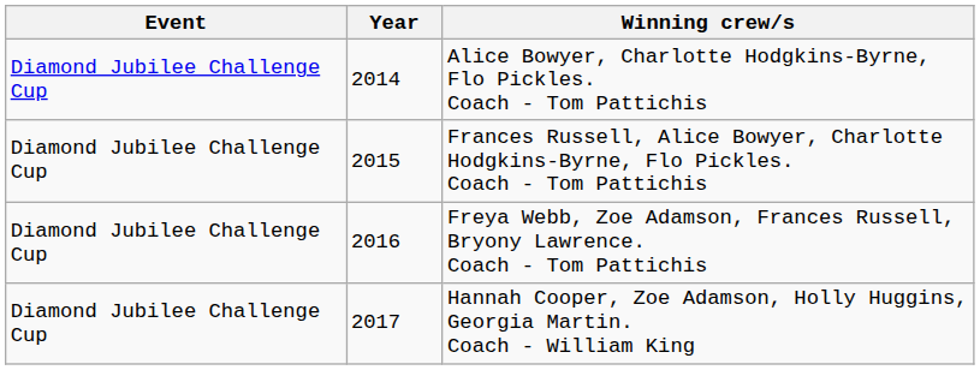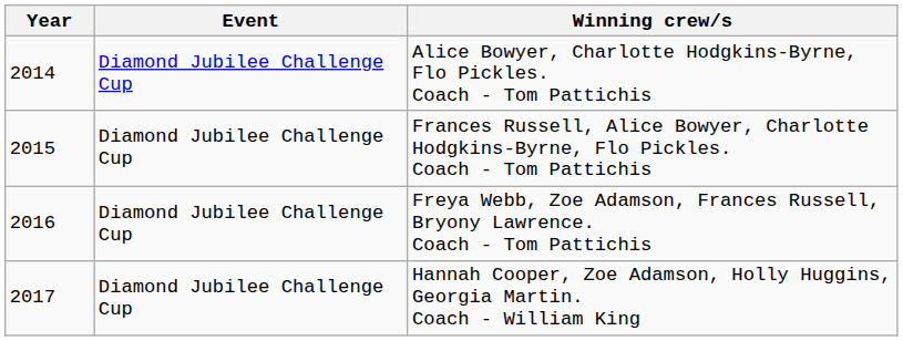 <table class="wikitable">
 <tr>
+<th width=70>Year</th>
 <th width=300>Event</th>
-<th width=70>Year</th>
 <th width=500>Winning crew/s</th>
 </tr>
 <tr>
+<td>2014</td>
 <td><a href='#'>Diamond Jubilee Challenge Cup</a></td>
-<td>2014</td>
 <td>Alice Bowyer, Charlotte Hodgkins-Byrne, Flo Pickles.<br>Coach - Tom Pattichis</td>
 </tr>
 <tr>
+<td>2015</td>
 <td>Diamond Jubilee Challenge Cup</td>
-<td>2015</td>
 <td>Frances Russell, Alice Bowyer, Charlotte Hodgkins-Byrne, Flo Pickles.<br>Coach - Tom Pattichis</td>
 </tr>
 <tr>
+<td>2016</td>
 <td>Diamond Jubilee Challenge Cup</td>
-<td>2016</td>
 <td>Freya Webb, Zoe Adamson, Frances Russell, Bryony Lawrence.<br>Coach - Tom Pattichis</td>
 </tr>
 <tr>
+<td>2017</td>
 <td>Diamond Jubilee Challenge Cup</td>
-<td>2017</td>
 <td>Hannah Cooper, Zoe Adamson, Holly Huggins, Georgia Martin.<br>Coach - William King</td>
 </tr>
 </table>
